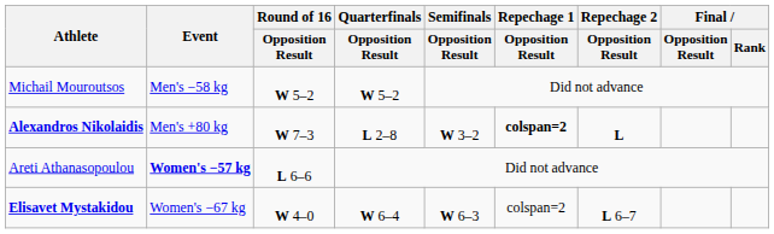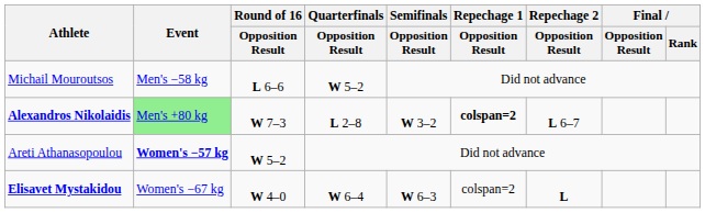 <table class="wikitable" style="font-size:90%;">
 <tr>
 <th rowspan=2>Athlete</th>
 <th rowspan=2>Event</th>
 <th>Round of 16</th>
 <th>Quarterfinals</th>
 <th>Semifinals</th>
 <th>Repechage 1</th>
 <th>Repechage 2</th>
 <th colspan=2>Final / </th>
 </tr>
 <tr style="font-size:95%">
 <th>Opposition<br>Result</th>
 <th>Opposition<br>Result</th>
 <th>Opposition<br>Result</th>
 <th>Opposition<br>Result</th>
 <th>Opposition<br>Result</th>
 <th>Opposition<br>Result</th>
 <th>Rank</th>
 </tr>
 <tr align=center>
 <td align=left><a href='#'>Michail Mouroutsos</a></td>
 <td align=left><a href='#'>Men's −58 kg</a></td>
-<td><br><strong>W</strong> 5–2</td>
+<td><br><strong>L</strong> 6–6 </td>
 <td><br><strong>W</strong> 5–2</td>
 <td colspan=5>Did not advance</td>
 </tr>
 <tr align=center>
 <td align=left><strong><a href='#'>Alexandros Nikolaidis</a></strong></td>
-<td align=left><a href='#'>Men's +80 kg</a></td>
+<td align=left style="background: lightgreen;"><a href='#'>Men's +80 kg</a></td>
 <td><br><strong>W</strong> 7–3</td>
 <td><br><strong>L</strong> 2–8</td>
 <td><br><strong>W</strong> 3–2</td>
 <td><strong>colspan=2 </strong></td>
-<td><br><strong>L</strong> </td>
+<td><br><strong>L</strong> 6–7</td>
 <td></td>
 </tr>
 <tr align=center>
 <td align=left><a href='#'>Areti Athanasopoulou</a></td>
 <td align=left><strong><a href='#'>Women's −57 kg</a></strong></td>
-<td><br><strong>L</strong> 6–6 </td>
+<td><br><strong>W</strong> 5–2</td>
 <td colspan=6>Did not advance</td>
 </tr>
 <tr align=center>
 <td align=left><strong><a href='#'>Elisavet Mystakidou</a></strong></td>
 <td align=left><a href='#'>Women's −67 kg</a></td>
 <td><br><strong>W</strong> 4–0</td>
 <td><br><strong>W</strong> 6–4</td>
 <td><br><strong>W</strong> 6–3</td>
 <td>colspan=2 </td>
-<td><br><strong>L</strong> 6–7</td>
+<td><br><strong>L</strong> </td>
 <td></td>
 </tr>
 </table>
